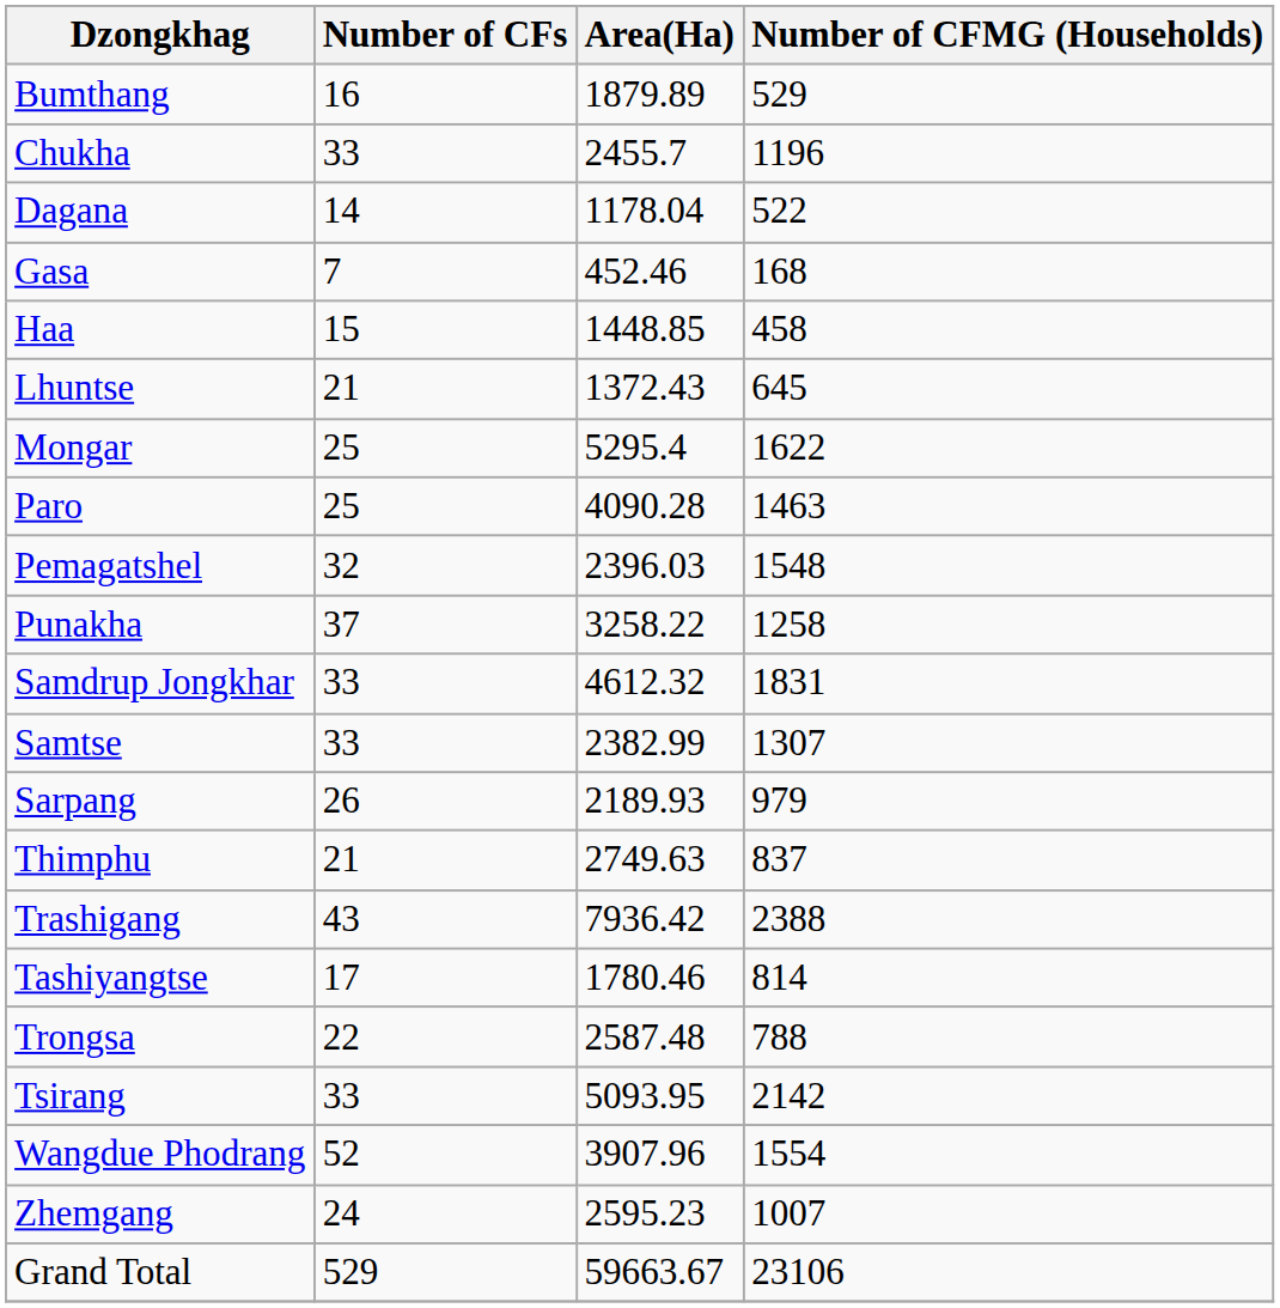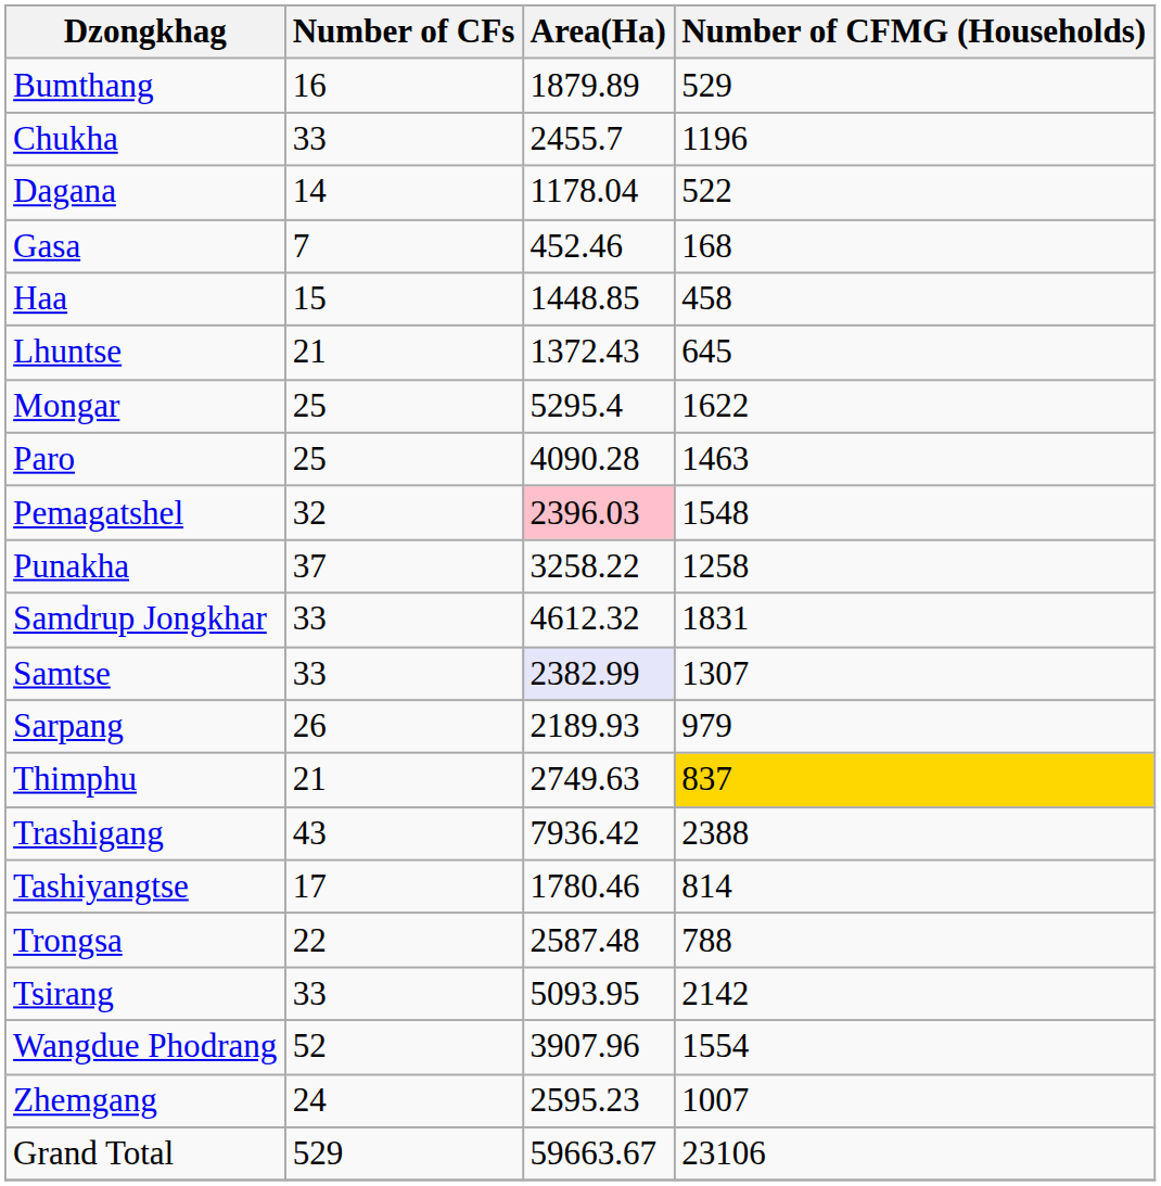 <table class="wikitable">
 <tr>
 <th>Dzongkhag</th>
 <th>Number of CFs</th>
 <th>Area(Ha)</th>
 <th>Number of CFMG (Households)</th>
 </tr>
 <tr>
 <td><a href='#'>Bumthang</a></td>
 <td>16</td>
 <td>1879.89</td>
 <td>529</td>
 </tr>
 <tr>
 <td><a href='#'>Chukha</a></td>
 <td>33</td>
 <td>2455.7</td>
 <td>1196</td>
 </tr>
 <tr>
 <td><a href='#'>Dagana</a></td>
 <td>14</td>
 <td>1178.04</td>
 <td>522</td>
 </tr>
 <tr>
 <td><a href='#'>Gasa</a></td>
 <td>7</td>
 <td>452.46</td>
 <td>168</td>
 </tr>
 <tr>
 <td><a href='#'>Haa</a></td>
 <td>15</td>
 <td>1448.85</td>
 <td>458</td>
 </tr>
 <tr>
 <td><a href='#'>Lhuntse</a></td>
 <td>21</td>
 <td>1372.43</td>
 <td>645</td>
 </tr>
 <tr>
 <td><a href='#'>Mongar</a></td>
 <td>25</td>
 <td>5295.4</td>
 <td>1622</td>
 </tr>
 <tr>
 <td><a href='#'>Paro</a></td>
 <td>25</td>
 <td>4090.28</td>
 <td>1463</td>
 </tr>
 <tr>
 <td><a href='#'>Pemagatshel</a></td>
 <td>32</td>
-<td>2396.03</td>
+<td style="background: pink;">2396.03</td>
 <td>1548</td>
 </tr>
 <tr>
 <td><a href='#'>Punakha</a></td>
 <td>37</td>
 <td>3258.22</td>
 <td>1258</td>
 </tr>
 <tr>
 <td><a href='#'>Samdrup Jongkhar</a></td>
 <td>33</td>
 <td>4612.32</td>
 <td>1831</td>
 </tr>
 <tr>
 <td><a href='#'>Samtse</a></td>
 <td>33</td>
-<td>2382.99</td>
+<td style="background: lavender;">2382.99</td>
 <td>1307</td>
 </tr>
 <tr>
 <td><a href='#'>Sarpang</a></td>
 <td>26</td>
 <td>2189.93</td>
 <td>979</td>
 </tr>
 <tr>
 <td><a href='#'>Thimphu</a></td>
 <td>21</td>
 <td>2749.63</td>
-<td>837</td>
+<td style="background: gold;">837</td>
 </tr>
 <tr>
 <td><a href='#'>Trashigang</a></td>
 <td>43</td>
 <td>7936.42</td>
 <td>2388</td>
 </tr>
 <tr>
 <td><a href='#'>Tashiyangtse</a></td>
 <td>17</td>
 <td>1780.46</td>
 <td>814</td>
 </tr>
 <tr>
 <td><a href='#'>Trongsa</a></td>
 <td>22</td>
 <td>2587.48</td>
 <td>788</td>
 </tr>
 <tr>
 <td><a href='#'>Tsirang</a></td>
 <td>33</td>
 <td>5093.95</td>
 <td>2142</td>
 </tr>
 <tr>
 <td><a href='#'>Wangdue Phodrang</a></td>
 <td>52</td>
 <td>3907.96</td>
 <td>1554</td>
 </tr>
 <tr>
 <td><a href='#'>Zhemgang</a></td>
 <td>24</td>
 <td>2595.23</td>
 <td>1007</td>
 </tr>
 <tr>
 <td>Grand Total</td>
 <td>529</td>
 <td>59663.67</td>
 <td>23106</td>
 </tr>
 <tr>
 </tr>
 </table>
